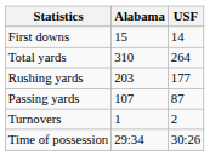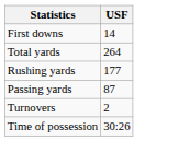 <table class="wikitable" style="float: left;">
 <tr>
 <th>Statistics</th>
-<th>Alabama</th>
 <th>USF</th>
 </tr>
 <tr>
 <td>First downs</td>
-<td>15</td>
 <td>14</td>
 </tr>
 <tr>
 <td>Total yards</td>
-<td>310</td>
 <td>264</td>
 </tr>
 <tr>
 <td>Rushing yards</td>
-<td>203</td>
 <td>177</td>
 </tr>
 <tr>
 <td>Passing yards</td>
-<td>107</td>
 <td>87</td>
 </tr>
 <tr>
 <td>Turnovers</td>
-<td>1</td>
 <td>2</td>
 </tr>
 <tr>
 <td>Time of possession</td>
-<td>29:34</td>
 <td>30:26</td>
 </tr>
 </table>
